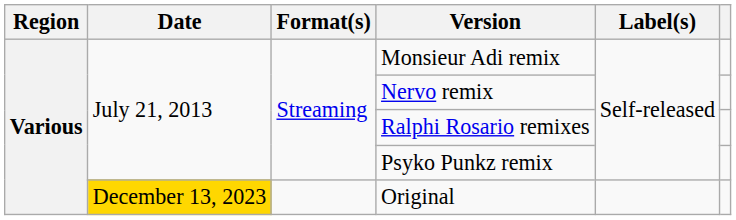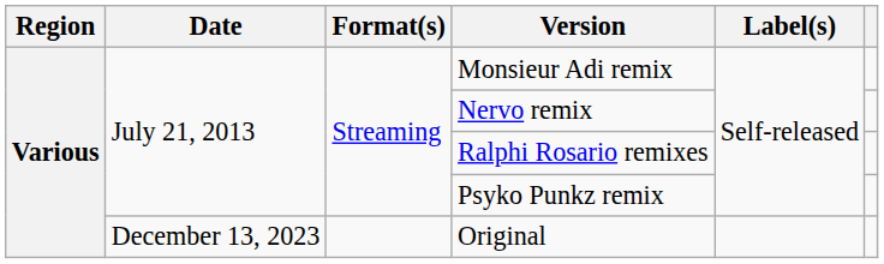 <table class="wikitable plainrowheaders">
 <tr>
 <th scope="col">Region</th>
 <th scope="col">Date</th>
 <th scope="col">Format(s)</th>
 <th scope="col">Version</th>
 <th scope="col">Label(s)</th>
 <th scope="col"></th>
 </tr>
 <tr>
 <th scope="row" rowspan="5">Various</th>
 <td rowspan="4">July 21, 2013</td>
 <td rowspan="4"><a href='#'>Streaming</a></td>
 <td>Monsieur Adi remix</td>
 <td rowspan="4">Self-released</td>
 <td align="center"></td>
 </tr>
 <tr>
 <td><a href='#'>Nervo</a> remix</td>
 <td align="center"></td>
 </tr>
 <tr>
 <td><a href='#'>Ralphi Rosario</a> remixes</td>
 <td align="center"></td>
 </tr>
 <tr>
 <td>Psyko Punkz remix</td>
 <td align="center"></td>
 </tr>
 <tr>
-<td style="background: gold;">December 13, 2023</td>
+<td>December 13, 2023</td>
 <td></td>
 <td>Original</td>
 <td></td>
 <td align="center"></td>
 </tr>
 </table>
